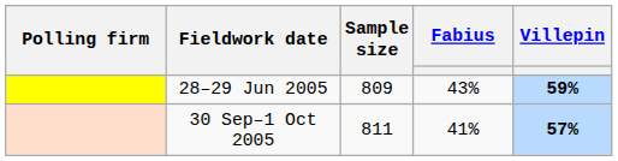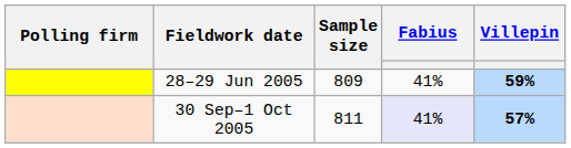 <table class="wikitable sortable" style="text-align:center;font-size:90%;line-height:14px;">
 <tr style="height:40px;">
 <th style="width:100px;" rowspan="2">Polling firm</th>
 <th style="width:110px;" rowspan="2">Fieldwork date</th>
 <th style="width:35px;" rowspan="2">Sample<br>size</th>
 <th class="unsortable" style="width:60px;"><a href='#'>Fabius</a><br></th>
 <th class="unsortable" style="width:60px;"><a href='#'>Villepin</a><br></th>
 </tr>
 <tr>
 <th style="background:"></th>
 <th style="background:"></th>
 </tr>
 <tr>
 <td style="background:yellow;"></td>
 <td data-sort-value="2005-06-29">28–29 Jun 2005</td>
 <td>809</td>
-<td>43%</td>
+<td>41%</td>
 <td style="background:#B9DAFF;"><strong>59%</strong></td>
 </tr>
 <tr>
 <td style="background:#FFDFCC;"></td>
 <td data-sort-value="2005-10-01">30 Sep–1 Oct 2005</td>
 <td>811</td>
-<td>41%</td>
+<td style="background: lavender;">41%</td>
 <td style="background:#B9DAFF;"><strong>57%</strong></td>
 </tr>
 </table>
